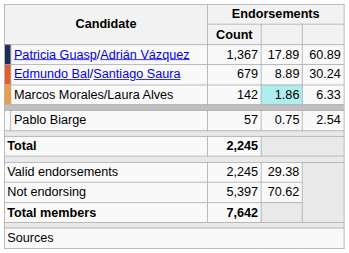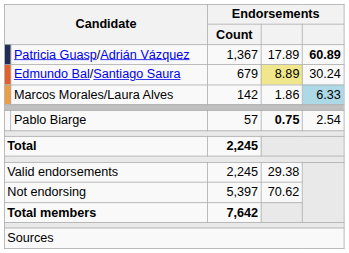 <table class="wikitable" style="text-align:right;">
 <tr>
 <th colspan="2" rowspan="2" width="250">Candidate</th>
 <th colspan="3">Endorsements</th>
 </tr>
 <tr>
 <th width="60">Count</th>
 <th width="45"></th>
 <th width="45"></th>
 </tr>
 <tr>
 <td width="1" style="color:inherit;background:#1F2D57"></td>
 <td align="left"><a href='#'>Patricia Guasp</a>/<a href='#'>Adrián Vázquez</a></td>
 <td>1,367</td>
 <td>17.89</td>
-<td>60.89</td>
+<td><strong>60.89</strong></td>
 </tr>
 <tr>
 <td style="color:inherit;background:#E35F2B"></td>
 <td align="left"><a href='#'>Edmundo Bal</a>/<a href='#'>Santiago Saura</a></td>
 <td>679</td>
-<td>8.89</td>
+<td style="background: khaki;">8.89</td>
 <td>30.24</td>
 </tr>
 <tr>
 <td style="color:inherit;background:#ED9E43"></td>
 <td align="left">Marcos Morales/Laura Alves</td>
 <td>142</td>
-<td style="background: paleturquoise;">1.86</td>
-<td>6.33</td>
+<td>1.86</td>
+<td style="background: lightblue;">6.33</td>
 </tr>
 <tr>
 <td colspan="7" bgcolor="#C0C0C0"></td>
 </tr>
 <tr>
 <td style="color:inherit;background:"></td>
 <td align="left">Pablo Biarge</td>
 <td>57</td>
-<td>0.75</td>
+<td><strong>0.75</strong></td>
 <td>2.54</td>
 </tr>
 <tr>
 <td colspan="7" bgcolor="#E9E9E9"></td>
 </tr>
 <tr style="font-weight:bold;">
 <td colspan="2" align="left">Total</td>
 <td>2,245</td>
 <td colspan="2" bgcolor="#E9E9E9"></td>
 </tr>
 <tr>
 <td colspan="5" bgcolor="#E9E9E9"></td>
 </tr>
 <tr>
 <td colspan="2" align="left">Valid endorsements</td>
 <td>2,245</td>
 <td>29.38</td>
 <td rowspan="3" bgcolor="#E9E9E9"></td>
 </tr>
 <tr>
 <td colspan="2" align="left">Not endorsing</td>
 <td>5,397</td>
 <td>70.62</td>
 </tr>
 <tr>
 <td colspan="2" align="left"><strong>Total members</strong></td>
 <td><strong>7,642</strong></td>
 <td bgcolor="#E9E9E9"></td>
 </tr>
 <tr>
 <td colspan="5" bgcolor="#E9E9E9"></td>
 </tr>
 <tr>
 <td colspan="5" align="left">Sources</td>
 </tr>
 </table>
